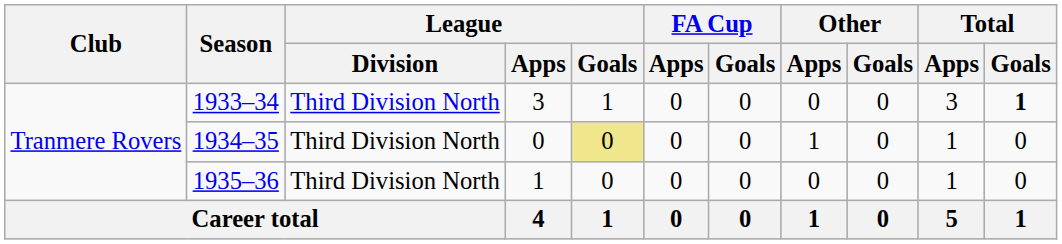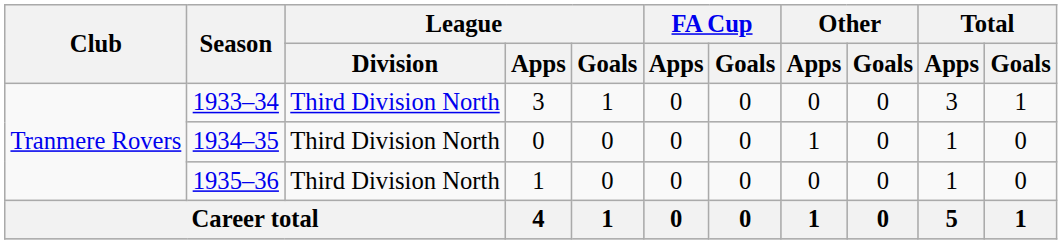 <table class="wikitable" style="text-align:center;">
 <tr>
 <th rowspan="2">Club</th>
 <th rowspan="2">Season</th>
 <th colspan="3">League</th>
 <th colspan="2"><a href='#'>FA Cup</a></th>
 <th colspan="2">Other</th>
 <th colspan="2">Total</th>
 </tr>
 <tr>
 <th>Division</th>
 <th>Apps</th>
 <th>Goals</th>
 <th>Apps</th>
 <th>Goals</th>
 <th>Apps</th>
 <th>Goals</th>
 <th>Apps</th>
 <th>Goals</th>
 </tr>
 <tr>
 <td rowspan="3"><a href='#'>Tranmere Rovers</a></td>
 <td><a href='#'>1933–34</a></td>
 <td><a href='#'>Third Division North</a></td>
 <td>3</td>
 <td>1</td>
 <td>0</td>
 <td>0</td>
 <td>0</td>
 <td>0</td>
 <td>3</td>
-<td><strong>1</strong></td>
+<td>1</td>
 </tr>
 <tr>
 <td><a href='#'>1934–35</a></td>
 <td>Third Division North</td>
 <td>0</td>
-<td style="background: khaki;">0</td>
+<td>0</td>
 <td>0</td>
 <td>0</td>
 <td>1</td>
 <td>0</td>
 <td>1</td>
 <td>0</td>
 </tr>
 <tr>
 <td><a href='#'>1935–36</a></td>
 <td>Third Division North</td>
 <td>1</td>
 <td>0</td>
 <td>0</td>
 <td>0</td>
 <td>0</td>
 <td>0</td>
 <td>1</td>
 <td>0</td>
 </tr>
 <tr>
 <th colspan="3">Career total</th>
 <th>4</th>
 <th>1</th>
 <th>0</th>
 <th>0</th>
 <th>1</th>
 <th>0</th>
 <th>5</th>
 <th>1</th>
 </tr>
 </table>
